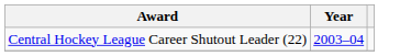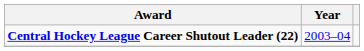 <table class="wikitable">
 <tr>
 <th>Award</th>
 <th>Year</th>
 <th></th>
 </tr>
 <tr>
-<td><a href='#'>Central Hockey League</a> Career Shutout Leader (22)</td>
+<td><strong><a href='#'>Central Hockey League</a> Career Shutout Leader (22)</strong></td>
 <td><a href='#'>2003–04</a></td>
 <td></td>
 </tr>
 <tr>
 </tr>
 </table>
